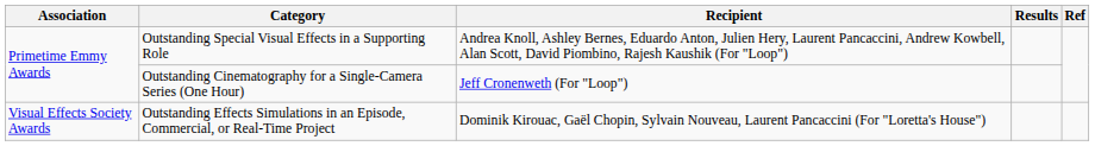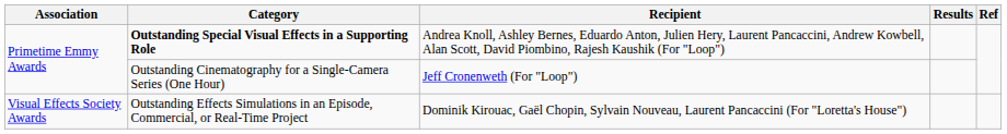 <table class="wikitable">
 <tr>
 <th>Association</th>
 <th>Category</th>
 <th>Recipient</th>
 <th>Results</th>
 <th>Ref</th>
 </tr>
 <tr>
 <td rowspan="2"><a href='#'>Primetime Emmy Awards</a></td>
-<td>Outstanding Special Visual Effects in a Supporting Role</td>
+<td><strong>Outstanding Special Visual Effects in a Supporting Role</strong></td>
 <td>Andrea Knoll, Ashley Bernes,  Eduardo Anton, Julien Hery, Laurent Pancaccini, Andrew Kowbell, Alan Scott, David Piombino, Rajesh Kaushik (For "Loop")</td>
 <td></td>
 <td rowspan="2"></td>
 </tr>
 <tr>
 <td>Outstanding Cinematography for a Single-Camera Series (One Hour)</td>
 <td><a href='#'>Jeff Cronenweth</a> (For "Loop")</td>
 <td></td>
 </tr>
 <tr>
 <td><a href='#'>Visual Effects Society Awards</a></td>
 <td>Outstanding Effects Simulations in an Episode, Commercial, or Real-Time Project</td>
 <td>Dominik Kirouac, Gaël Chopin, Sylvain Nouveau, Laurent Pancaccini (For "Loretta's House")</td>
 <td></td>
 <td></td>
 </tr>
 </table>
